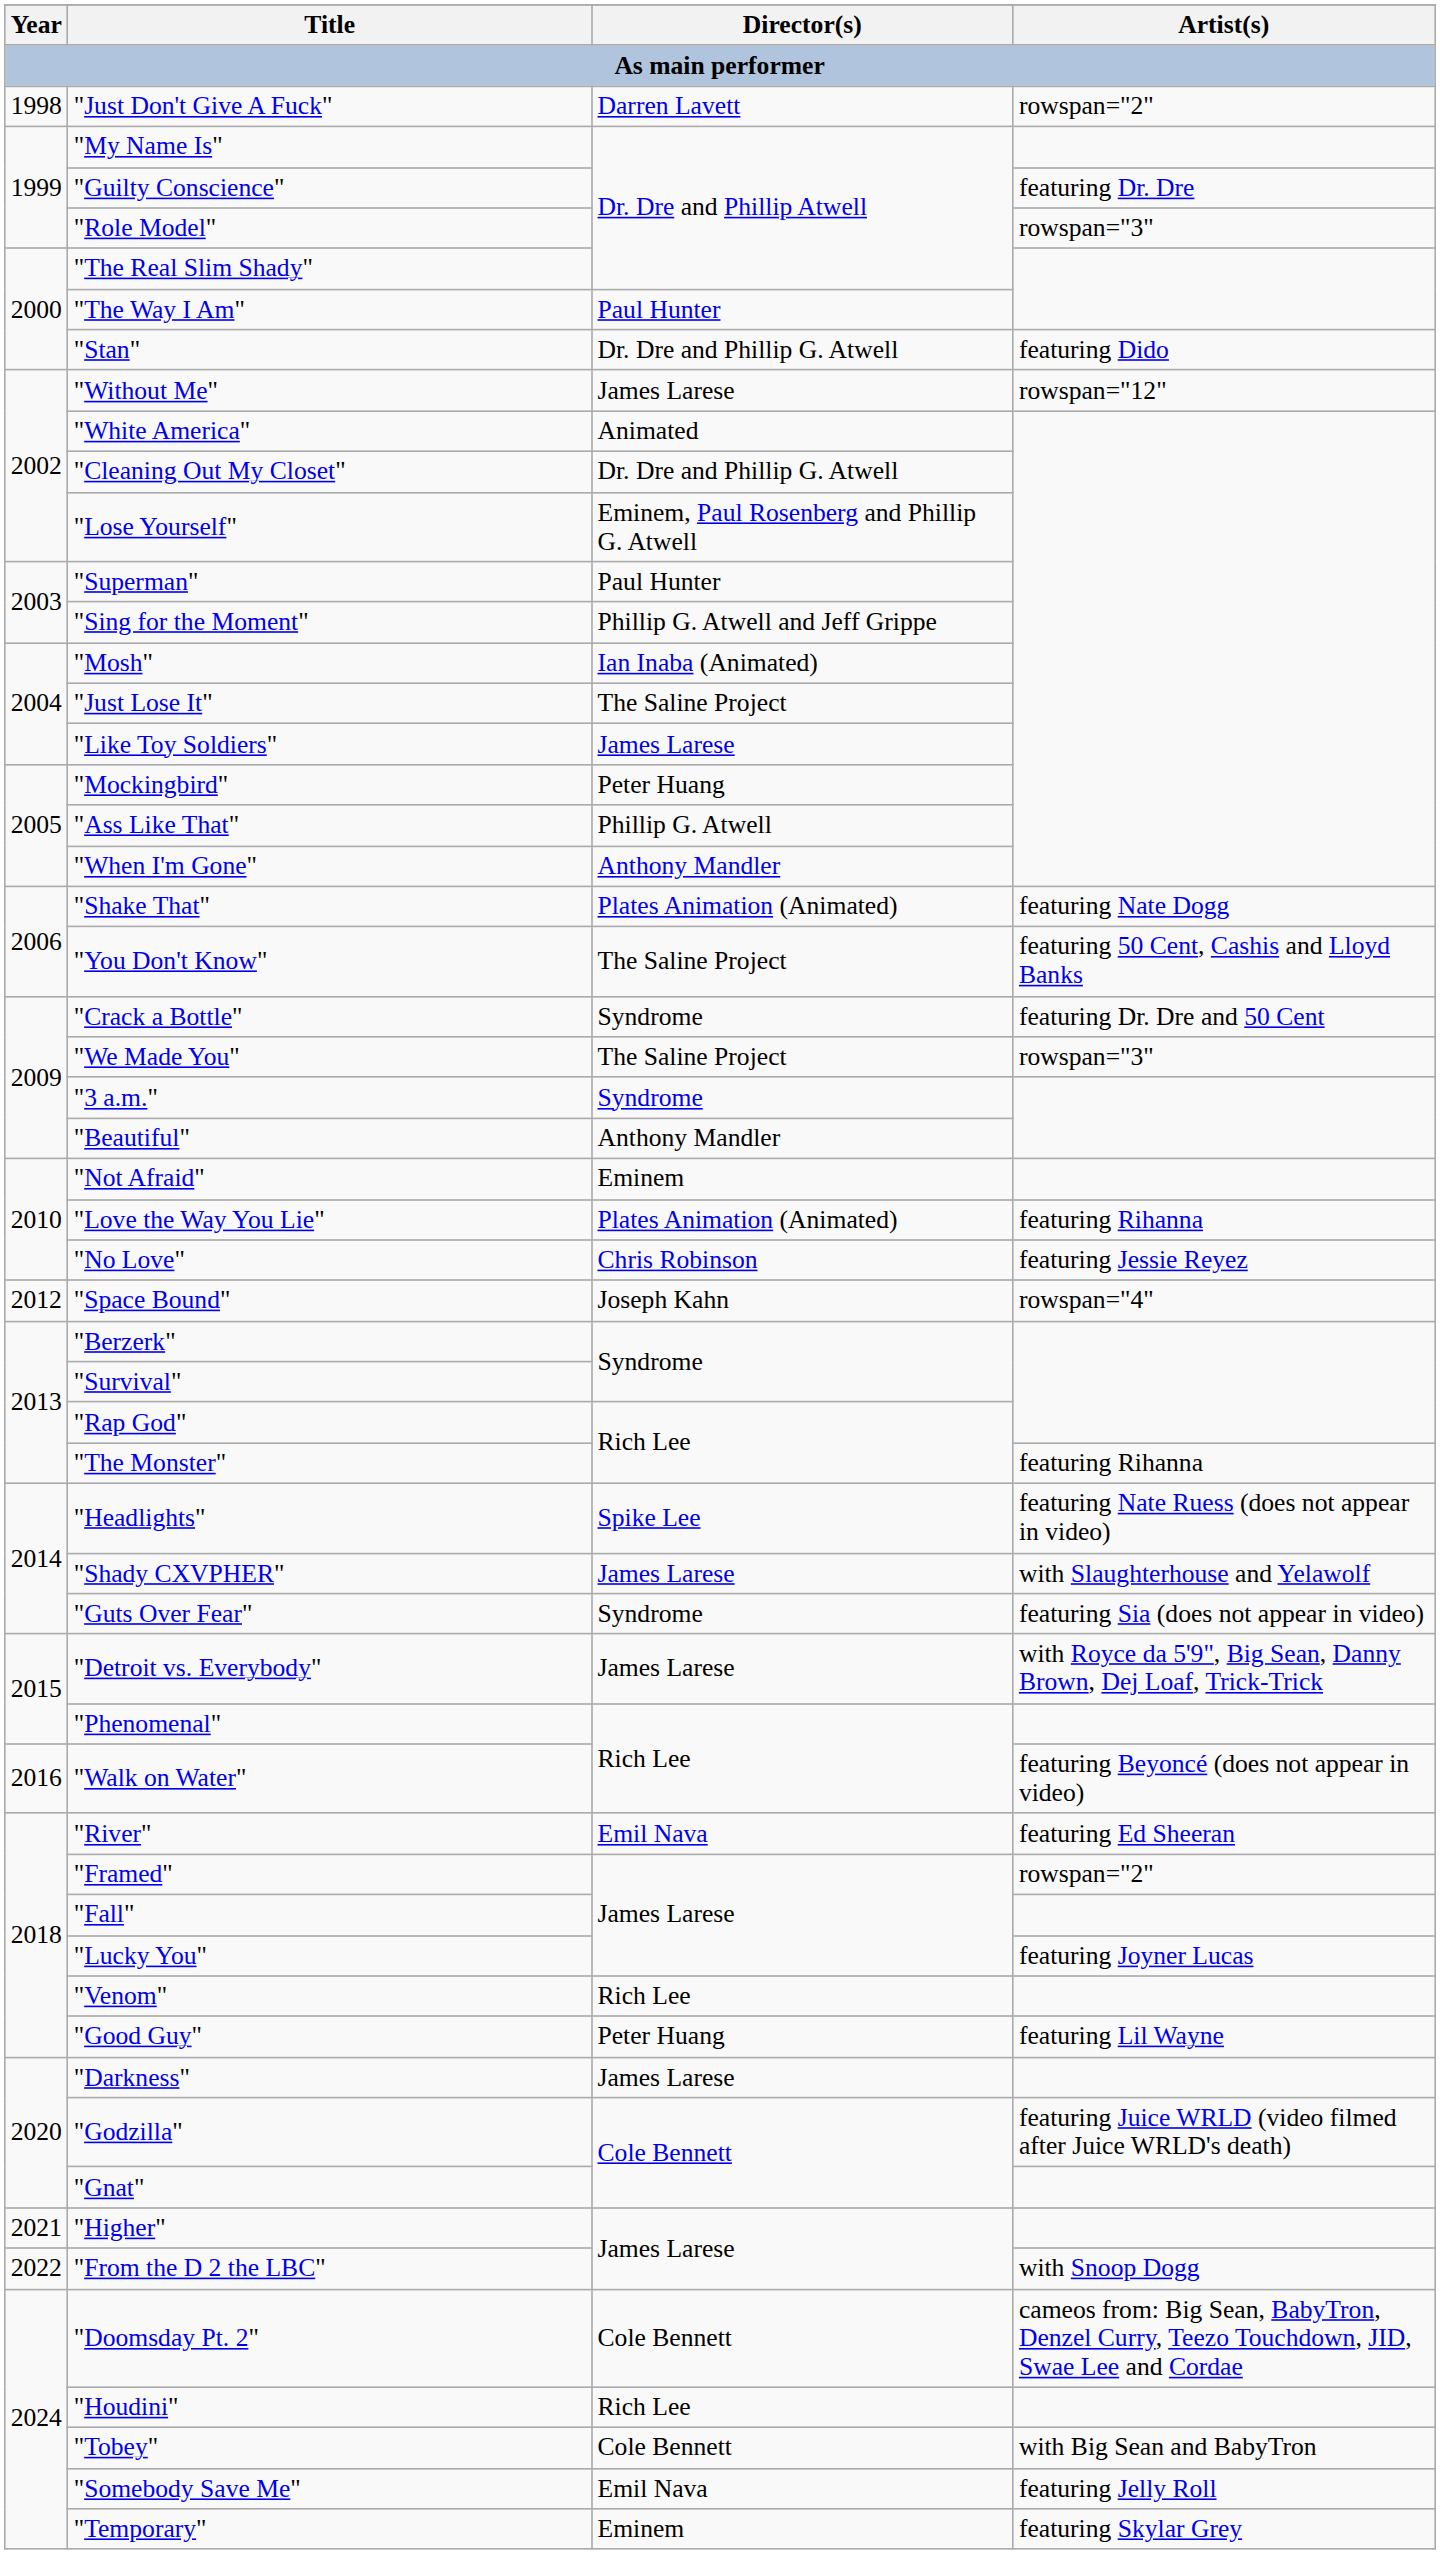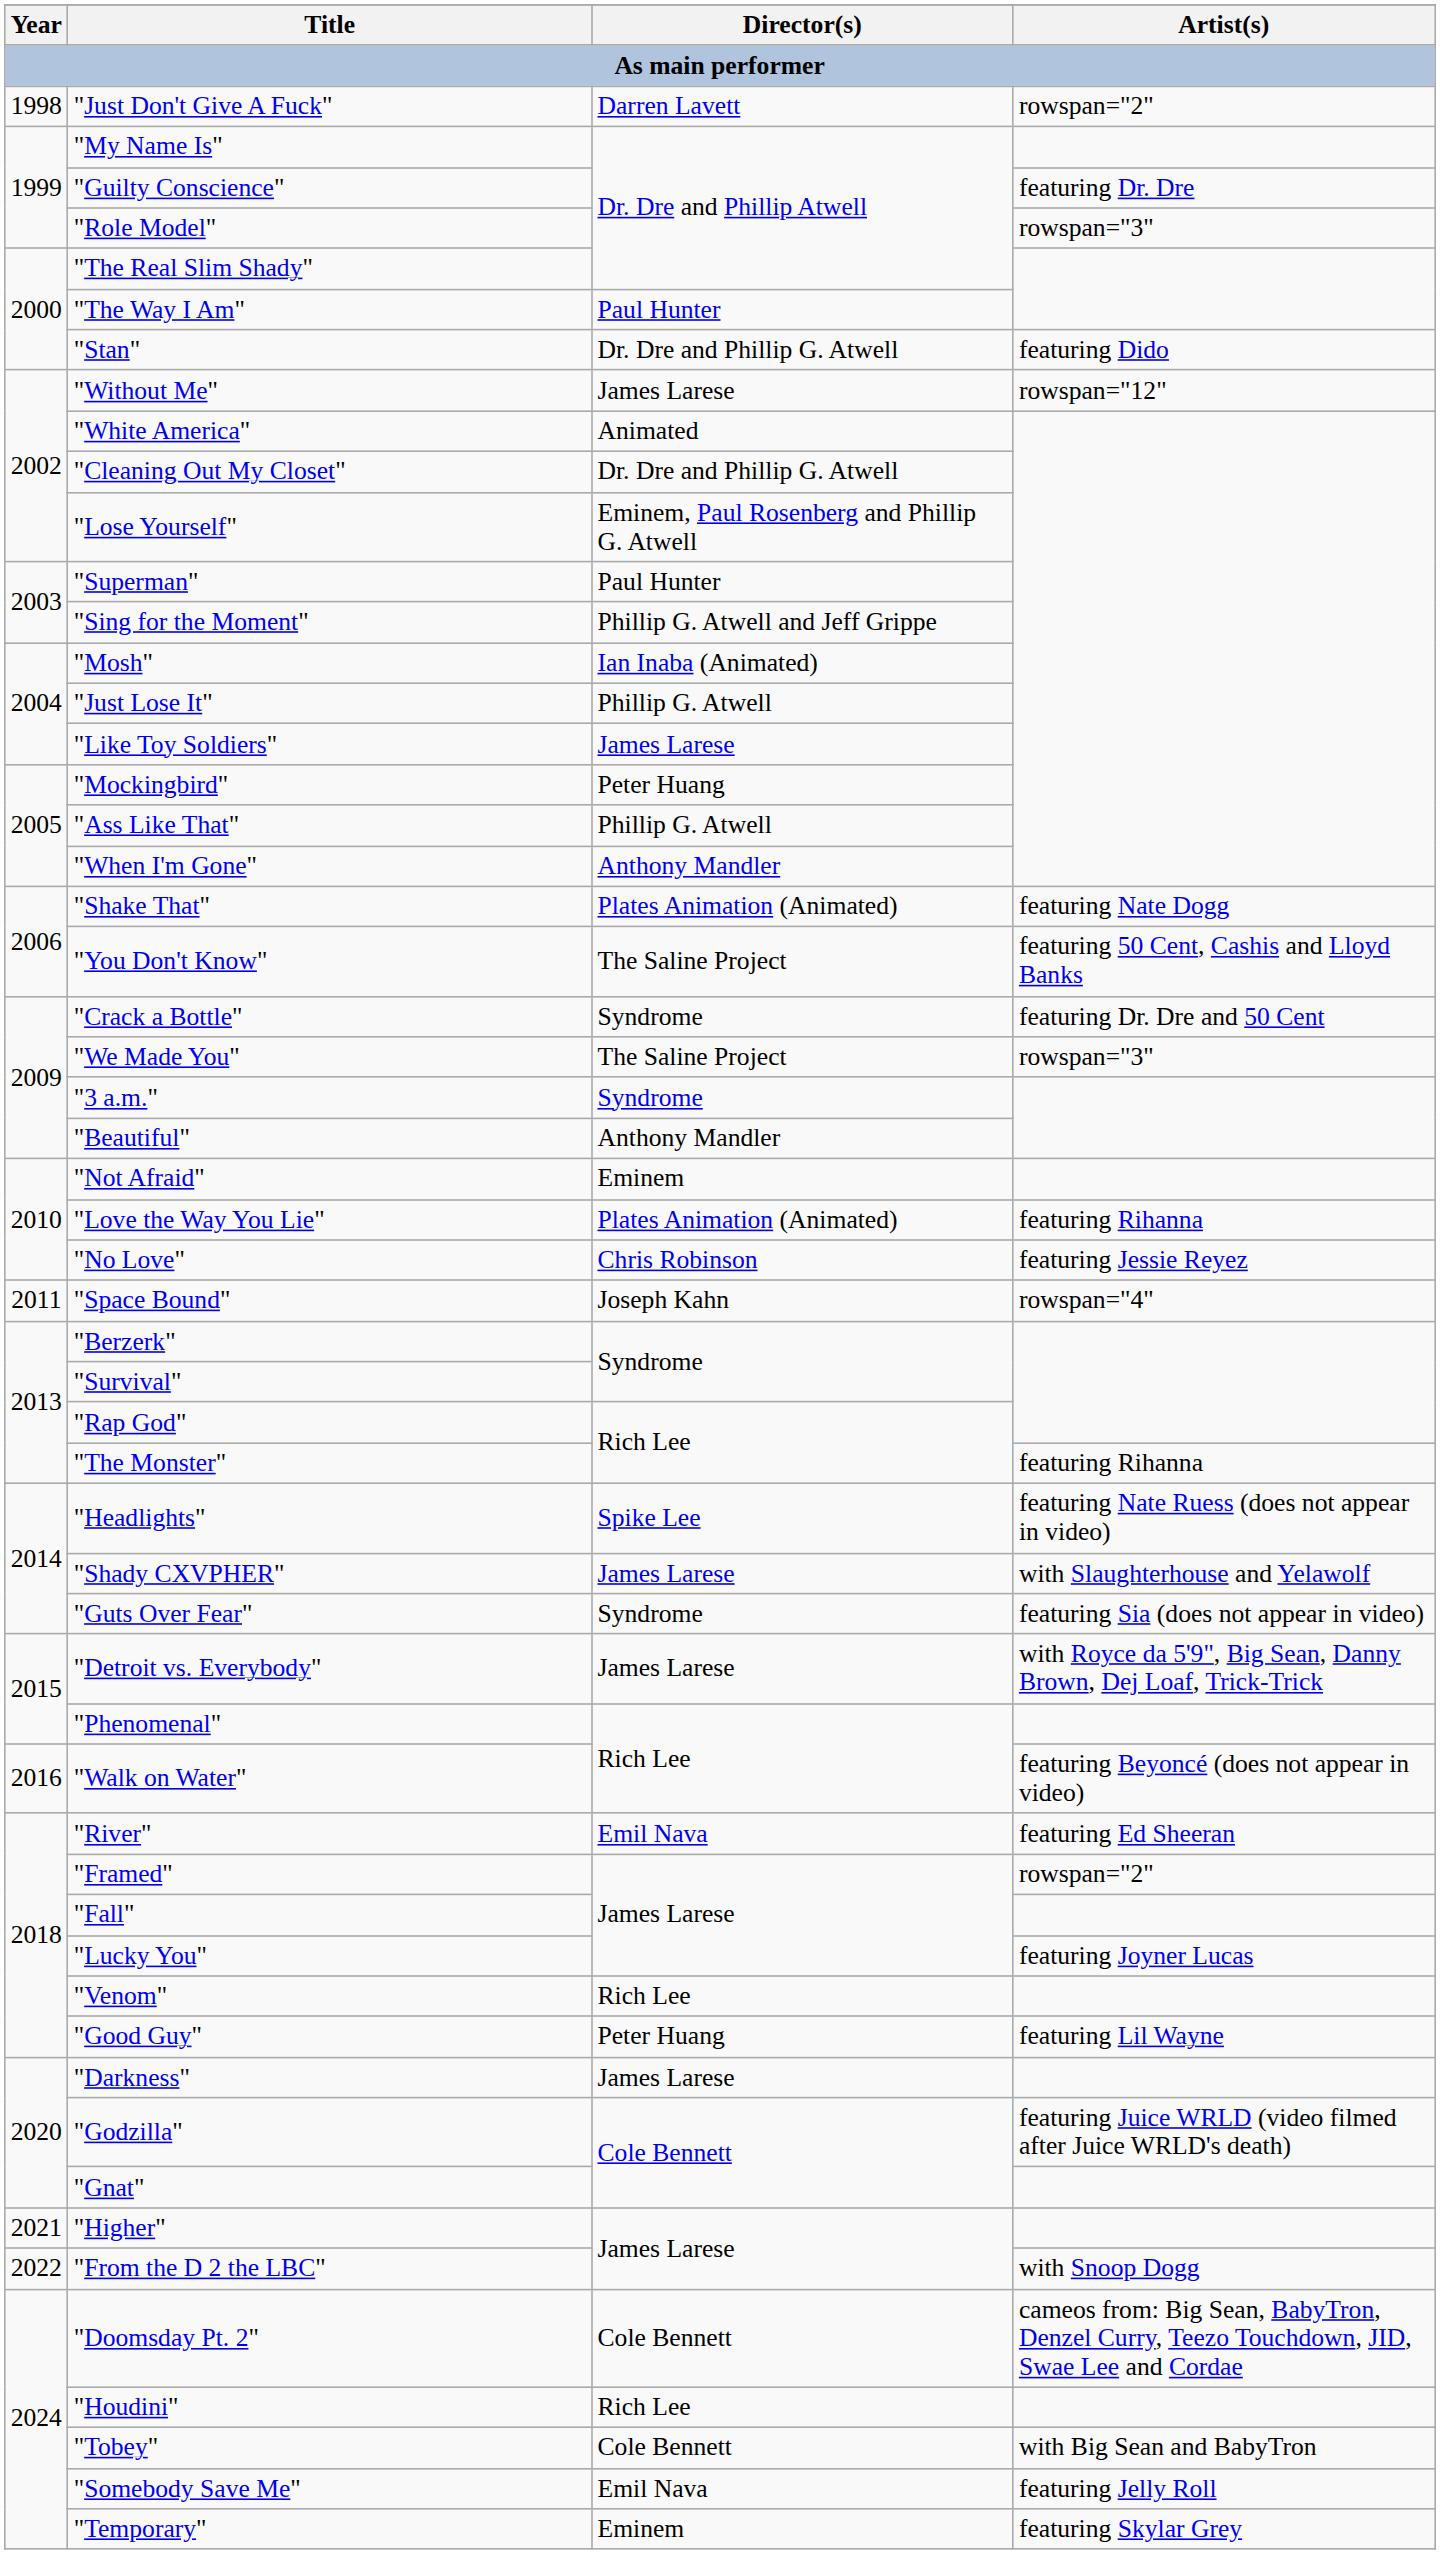 <table class="wikitable plainrowheaders sortable">
 <tr>
 </tr>
 <tr>
 <th scope="col">Year</th>
 <th scope="col" style="width: 20em;">Title</th>
 <th scope="col" style="width: 16em;">Director(s)</th>
 <th scope="col" style="width: 16em;" class="unsortable">Artist(s)</th>
 </tr>
 <tr>
 <th colspan="5" style="background:#B0C4DE;">As main performer</th>
 </tr>
 <tr>
 <td style="text-align:center;">1998</td>
 <td>"<a href='#'>Just Don't Give A Fuck</a>"</td>
 <td><a href='#'>Darren Lavett</a></td>
 <td>rowspan="2" </td>
 </tr>
 <tr>
 <td rowspan="3" style="text-align:center;">1999</td>
 <td>"<a href='#'>My Name Is</a>"</td>
 <td rowspan="4"><a href='#'>Dr. Dre</a> and <a href='#'>Phillip Atwell</a></td>
 </tr>
 <tr>
 <td>"<a href='#'>Guilty Conscience</a>"</td>
 <td>featuring <a href='#'>Dr. Dre</a></td>
 </tr>
 <tr>
 <td>"<a href='#'>Role Model</a>"</td>
 <td>rowspan="3" </td>
 </tr>
 <tr>
 <td rowspan="3" style="text-align:center;">2000</td>
 <td>"<a href='#'>The Real Slim Shady</a>"</td>
 </tr>
 <tr>
 <td>"<a href='#'>The Way I Am</a>"</td>
 <td><a href='#'>Paul Hunter</a></td>
 </tr>
 <tr>
 <td>"<a href='#'>Stan</a>"</td>
 <td>Dr. Dre and Phillip G. Atwell</td>
 <td>featuring <a href='#'>Dido</a></td>
 </tr>
 <tr>
 <td rowspan="4" style="text-align:center;">2002</td>
 <td>"<a href='#'>Without Me</a>"</td>
 <td>James Larese</td>
 <td>rowspan="12" </td>
 </tr>
 <tr>
 <td>"<a href='#'>White America</a>"</td>
 <td>Animated</td>
 </tr>
 <tr>
 <td>"<a href='#'>Cleaning Out My Closet</a>"</td>
 <td>Dr. Dre and Phillip G. Atwell</td>
 </tr>
 <tr>
 <td>"<a href='#'>Lose Yourself</a>"</td>
 <td>Eminem, <a href='#'>Paul Rosenberg</a> and Phillip G. Atwell</td>
 </tr>
 <tr>
 <td rowspan="2" style="text-align:center;">2003</td>
 <td>"<a href='#'>Superman</a>"</td>
 <td>Paul Hunter</td>
 </tr>
 <tr>
 <td>"<a href='#'>Sing for the Moment</a>"</td>
 <td>Phillip G. Atwell and Jeff Grippe</td>
 </tr>
 <tr>
 <td rowspan="3" style="text-align:center;">2004</td>
 <td>"<a href='#'>Mosh</a>"</td>
 <td><a href='#'>Ian Inaba</a> (Animated)</td>
 </tr>
 <tr>
 <td>"<a href='#'>Just Lose It</a>"</td>
-<td>The Saline Project</td>
+<td>Phillip G. Atwell</td>
 </tr>
 <tr>
 <td>"<a href='#'>Like Toy Soldiers</a>"</td>
 <td><a href='#'>James Larese</a></td>
 </tr>
 <tr>
 <td rowspan="3" style="text-align:center;">2005</td>
 <td>"<a href='#'>Mockingbird</a>"</td>
 <td>Peter Huang</td>
 </tr>
 <tr>
 <td>"<a href='#'>Ass Like That</a>"</td>
 <td>Phillip G. Atwell</td>
 </tr>
 <tr>
 <td>"<a href='#'>When I'm Gone</a>"</td>
 <td><a href='#'>Anthony Mandler</a></td>
 </tr>
 <tr>
 <td rowspan="2" style="text-align:center;">2006</td>
 <td>"<a href='#'>Shake That</a>"</td>
 <td><a href='#'>Plates Animation</a> (Animated)</td>
 <td>featuring <a href='#'>Nate Dogg</a></td>
 </tr>
 <tr>
 <td>"<a href='#'>You Don't Know</a>"</td>
 <td>The Saline Project</td>
 <td>featuring <a href='#'>50 Cent</a>, <a href='#'>Cashis</a> and <a href='#'>Lloyd Banks</a></td>
 </tr>
 <tr>
 <td rowspan="4" style="text-align:center;">2009</td>
 <td>"<a href='#'>Crack a Bottle</a>"</td>
 <td>Syndrome</td>
 <td>featuring Dr. Dre and <a href='#'>50 Cent</a></td>
 </tr>
 <tr>
 <td>"<a href='#'>We Made You</a>"</td>
 <td>The Saline Project</td>
 <td>rowspan="3" </td>
 </tr>
 <tr>
 <td>"<a href='#'>3 a.m.</a>"</td>
 <td><a href='#'>Syndrome</a></td>
 </tr>
 <tr>
 <td>"<a href='#'>Beautiful</a>"</td>
 <td>Anthony Mandler</td>
 </tr>
 <tr>
 <td rowspan="3" style="text-align:center;">2010</td>
 <td>"<a href='#'>Not Afraid</a>"</td>
 <td>Eminem</td>
 <td></td>
 </tr>
 <tr>
 <td>"<a href='#'>Love the Way You Lie</a>"</td>
 <td><a href='#'>Plates Animation</a> (Animated)</td>
 <td>featuring <a href='#'>Rihanna</a></td>
 </tr>
 <tr>
 <td>"<a href='#'>No Love</a>"</td>
 <td><a href='#'>Chris Robinson</a></td>
 <td>featuring <a href='#'>Jessie Reyez</a></td>
 </tr>
 <tr>
-<td style="text-align:center;">2012</td>
+<td style="text-align:center;">2011</td>
 <td>"<a href='#'>Space Bound</a>"</td>
 <td>Joseph Kahn</td>
 <td>rowspan="4" </td>
 </tr>
 <tr>
 <td rowspan="4" style="text-align:center;">2013</td>
 <td>"<a href='#'>Berzerk</a>"</td>
 <td rowspan="2">Syndrome</td>
 </tr>
 <tr>
 <td>"<a href='#'>Survival</a>"</td>
 </tr>
 <tr>
 <td>"<a href='#'>Rap God</a>"</td>
 <td rowspan="2">Rich Lee</td>
 </tr>
 <tr>
 <td>"<a href='#'>The Monster</a>"</td>
 <td>featuring Rihanna</td>
 </tr>
 <tr>
 <td rowspan="3" style="text-align:center;">2014</td>
 <td>"<a href='#'>Headlights</a>"</td>
 <td><a href='#'>Spike Lee</a></td>
 <td>featuring <a href='#'>Nate Ruess</a> (does not appear in video)</td>
 </tr>
 <tr>
 <td>"<a href='#'>Shady CXVPHER</a>"</td>
 <td><a href='#'>James Larese</a></td>
 <td>with <a href='#'>Slaughterhouse</a> and <a href='#'>Yelawolf</a></td>
 </tr>
 <tr>
 <td>"<a href='#'>Guts Over Fear</a>"</td>
 <td>Syndrome</td>
 <td>featuring <a href='#'>Sia</a> (does not appear in video)</td>
 </tr>
 <tr>
 <td rowspan="2" style="text-align:center;">2015</td>
 <td>"<a href='#'>Detroit vs. Everybody</a>"</td>
 <td>James Larese</td>
 <td>with <a href='#'>Royce da 5'9"</a>, <a href='#'>Big Sean</a>, <a href='#'>Danny Brown</a>, <a href='#'>Dej Loaf</a>, <a href='#'>Trick-Trick</a></td>
 </tr>
 <tr>
 <td>"<a href='#'>Phenomenal</a>"</td>
 <td rowspan="2">Rich Lee</td>
 <td></td>
 </tr>
 <tr>
 <td style="text-align:center;">2016</td>
 <td>"<a href='#'>Walk on Water</a>"</td>
 <td>featuring <a href='#'>Beyoncé</a> (does not appear in video)</td>
 </tr>
 <tr>
 <td rowspan="6" style="text-align:center;">2018</td>
 <td>"<a href='#'>River</a>"</td>
 <td><a href='#'>Emil Nava</a></td>
 <td>featuring <a href='#'>Ed Sheeran</a></td>
 </tr>
 <tr>
 <td>"<a href='#'>Framed</a>"</td>
 <td rowspan="3">James Larese</td>
 <td>rowspan="2" </td>
 </tr>
 <tr>
 <td>"<a href='#'>Fall</a>"</td>
 </tr>
 <tr>
 <td>"<a href='#'>Lucky You</a>"</td>
 <td>featuring <a href='#'>Joyner Lucas</a></td>
 </tr>
 <tr>
 <td>"<a href='#'>Venom</a>"</td>
 <td>Rich Lee</td>
 <td></td>
 </tr>
 <tr>
 <td>"<a href='#'>Good Guy</a>"</td>
 <td>Peter Huang</td>
 <td>featuring <a href='#'>Lil Wayne</a></td>
 </tr>
 <tr>
 <td rowspan="3" style="text-align:center;">2020</td>
 <td>"<a href='#'>Darkness</a>"</td>
 <td>James Larese</td>
 <td></td>
 </tr>
 <tr>
 <td>"<a href='#'>Godzilla</a>"</td>
 <td rowspan="2"><a href='#'>Cole Bennett</a></td>
 <td>featuring <a href='#'>Juice WRLD</a> (video filmed after Juice WRLD's death)</td>
 </tr>
 <tr>
 <td>"<a href='#'>Gnat</a>"</td>
 <td></td>
 </tr>
 <tr>
 <td rowspan="1" style="text-align:center;">2021</td>
 <td>"<a href='#'>Higher</a>"</td>
 <td rowspan="2">James Larese</td>
 <td></td>
 </tr>
 <tr>
 <td rowspan="1" style="text-align:center;">2022</td>
 <td>"<a href='#'>From the D 2 the LBC</a>"</td>
 <td>with <a href='#'>Snoop Dogg</a></td>
 </tr>
 <tr>
 <td rowspan="5" style="text-align:center;">2024</td>
 <td>"<a href='#'>Doomsday Pt. 2</a>"</td>
 <td>Cole Bennett</td>
 <td>cameos from: Big Sean, <a href='#'>BabyTron</a>, <a href='#'>Denzel Curry</a>, <a href='#'>Teezo Touchdown</a>, <a href='#'>JID</a>, <a href='#'>Swae Lee</a> and <a href='#'>Cordae</a></td>
 </tr>
 <tr>
 <td>"<a href='#'>Houdini</a>"</td>
 <td>Rich Lee</td>
 <td></td>
 </tr>
 <tr>
 <td>"<a href='#'>Tobey</a>"</td>
 <td>Cole Bennett</td>
 <td>with Big Sean and BabyTron</td>
 </tr>
 <tr>
 <td>"<a href='#'>Somebody Save Me</a>"</td>
 <td>Emil Nava</td>
 <td>featuring <a href='#'>Jelly Roll</a></td>
 </tr>
 <tr>
 <td>"<a href='#'>Temporary</a>"</td>
 <td>Eminem</td>
 <td>featuring <a href='#'>Skylar Grey</a></td>
 </tr>
 </table>
